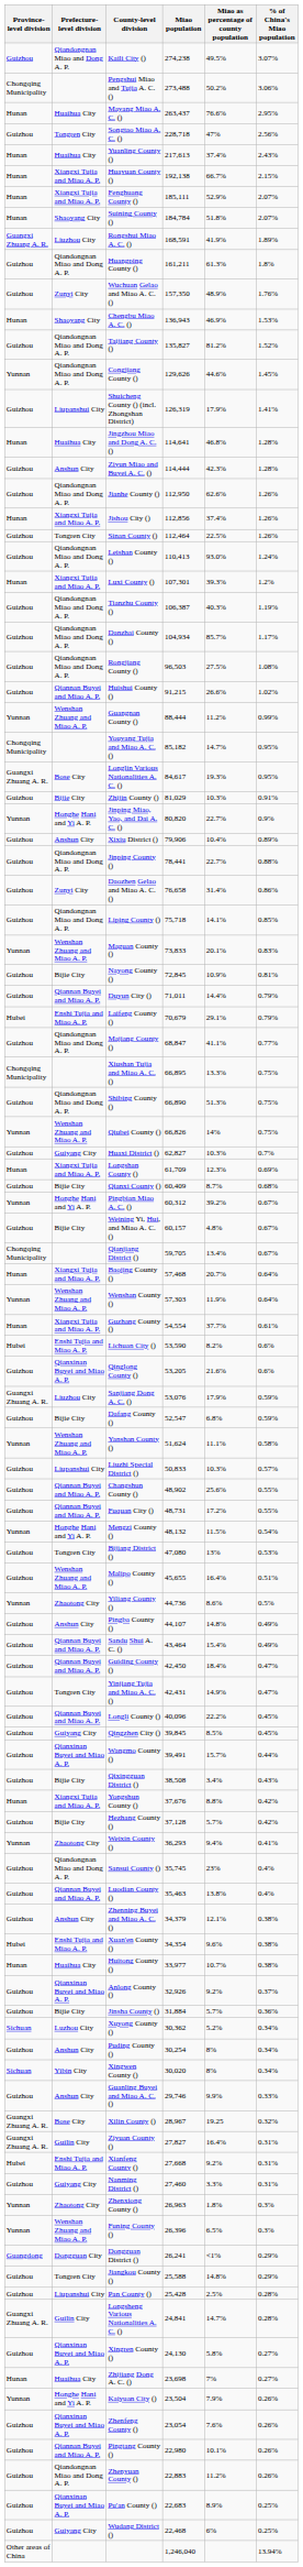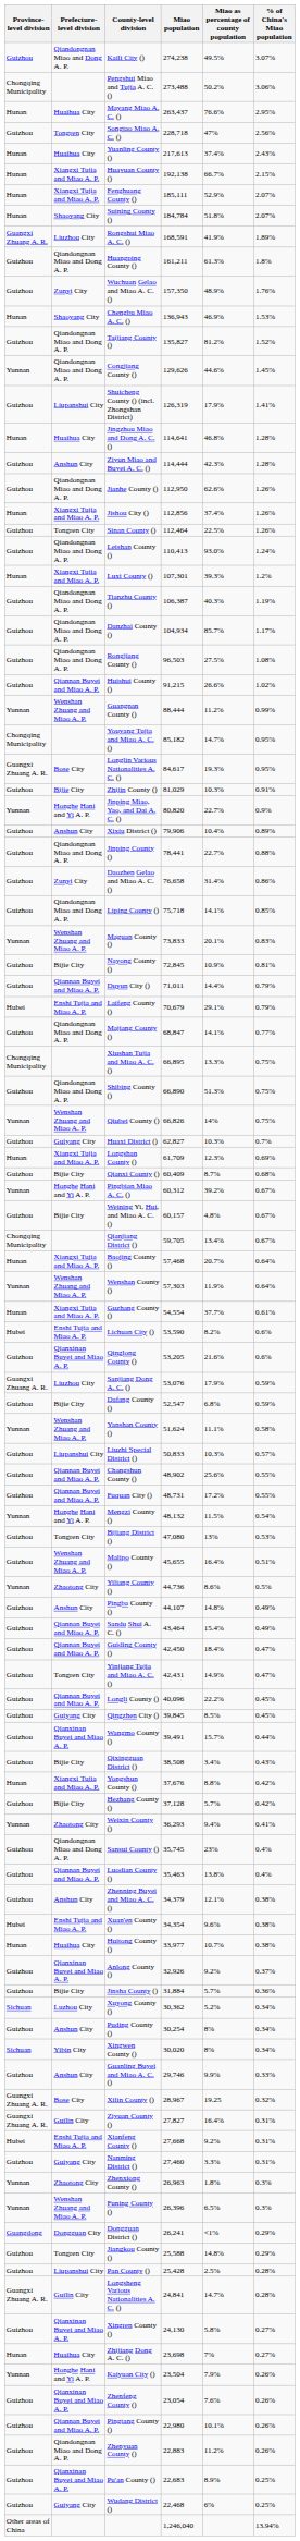 <table class="wikitable sortable">
 <tr>
 <th>Province-level division</th>
 <th>Prefecture-level division</th>
 <th>County-level division</th>
 <th>Miao population</th>
 <th>Miao as percentage of county population</th>
 <th>% of China's<br>Miao population</th>
 </tr>
 <tr>
 <td><a href='#'>Guizhou</a></td>
 <td><a href='#'>Qiandongnan</a> Miao and <a href='#'>Dong</a> A. P.</td>
 <td><a href='#'>Kaili City</a> ()</td>
 <td>274,238</td>
 <td>49.5%</td>
 <td>3.07%</td>
 </tr>
 <tr>
 <td>Chongqing Municipality</td>
 <td></td>
 <td><a href='#'>Pengshui</a> Miao and <a href='#'>Tujia</a> A. C. ()</td>
 <td>273,488</td>
 <td>50.2%</td>
 <td>3.06%</td>
 </tr>
 <tr>
 <td>Hunan</td>
 <td><a href='#'>Huaihua</a> City</td>
 <td><a href='#'>Mayang Miao A. C.</a> ()</td>
 <td>263,437</td>
 <td>76.6%</td>
 <td>2.95%</td>
 </tr>
 <tr>
 <td>Guizhou</td>
 <td><a href='#'>Tongren</a> City</td>
 <td><a href='#'>Songtao Miao A. C.</a> ()</td>
 <td>228,718</td>
 <td>47%</td>
 <td>2.56%</td>
 </tr>
 <tr>
 <td>Hunan</td>
 <td><a href='#'>Huaihua</a> City</td>
 <td><a href='#'>Yuanling County</a> ()</td>
 <td>217,613</td>
 <td>37.4%</td>
 <td>2.43%</td>
 </tr>
 <tr>
 <td>Hunan</td>
 <td><a href='#'>Xiangxi Tujia and Miao A. P.</a></td>
 <td><a href='#'>Huayuan County</a> ()</td>
 <td>192,138</td>
 <td>66.7%</td>
 <td>2.15%</td>
 </tr>
 <tr>
 <td>Hunan</td>
 <td><a href='#'>Xiangxi Tujia and Miao A. P.</a></td>
 <td><a href='#'>Fenghuang County</a> ()</td>
 <td>185,111</td>
 <td>52.9%</td>
 <td>2.07%</td>
 </tr>
 <tr>
 <td>Hunan</td>
 <td><a href='#'>Shaoyang</a> City</td>
 <td><a href='#'>Suining County</a> ()</td>
 <td>184,784</td>
 <td>51.8%</td>
 <td>2.07%</td>
 </tr>
 <tr>
 <td><a href='#'>Guangxi Zhuang A. R.</a></td>
 <td><a href='#'>Liuzhou</a> City</td>
 <td><a href='#'>Rongshui Miao A. C.</a> ()</td>
 <td>168,591</td>
 <td>41.9%</td>
 <td>1.89%</td>
 </tr>
 <tr>
 <td>Guizhou</td>
 <td>Qiandongnan Miao and Dong A. P.</td>
 <td><a href='#'>Huangping</a> County ()</td>
 <td>161,211</td>
 <td>61.3%</td>
 <td>1.8%</td>
 </tr>
 <tr>
 <td>Guizhou</td>
 <td><a href='#'>Zunyi</a> City</td>
 <td><a href='#'>Wuchuan</a> <a href='#'>Gelao</a> and Miao A. C. ()</td>
 <td>157,350</td>
 <td>48.9%</td>
 <td>1.76%</td>
 </tr>
 <tr>
 <td>Hunan</td>
 <td><a href='#'>Shaoyang</a> City</td>
 <td><a href='#'>Chengbu Miao A. C.</a> ()</td>
 <td>136,943</td>
 <td>46.9%</td>
 <td>1.53%</td>
 </tr>
 <tr>
 <td>Guizhou</td>
 <td>Qiandongnan Miao and Dong A. P.</td>
 <td><a href='#'>Taijiang County</a> ()</td>
 <td>135,827</td>
 <td>81.2%</td>
 <td>1.52%</td>
 </tr>
 <tr>
 <td>Yunnan</td>
 <td>Qiandongnan Miao and Dong A. P.</td>
 <td><a href='#'>Congjiang</a> County ()</td>
 <td>129,626</td>
 <td>44.6%</td>
 <td>1.45%</td>
 </tr>
 <tr>
 <td>Guizhou</td>
 <td><a href='#'>Liupanshui</a> City</td>
 <td><a href='#'>Shuicheng</a> County () (incl. Zhongshan District)</td>
 <td>126,319</td>
 <td>17.9%</td>
 <td>1.41%</td>
 </tr>
 <tr>
 <td>Hunan</td>
 <td><a href='#'>Huaihua</a> City</td>
 <td><a href='#'>Jingzhou Miao and Dong A. C.</a> ()</td>
 <td>114,641</td>
 <td>46.8%</td>
 <td>1.28%</td>
 </tr>
 <tr>
 <td>Guizhou</td>
 <td><a href='#'>Anshun</a> City</td>
 <td><a href='#'>Ziyun Miao and Buyei A. C.</a> ()</td>
 <td>114,444</td>
 <td>42.3%</td>
 <td>1.28%</td>
 </tr>
 <tr>
 <td>Guizhou</td>
 <td>Qiandongnan Miao and Dong A. P.</td>
 <td><a href='#'>Jianhe</a> County ()</td>
 <td>112,950</td>
 <td>62.6%</td>
 <td>1.26%</td>
 </tr>
 <tr>
 <td>Hunan</td>
 <td><a href='#'>Xiangxi Tujia and Miao A. P.</a></td>
 <td><a href='#'>Jishou</a> City ()</td>
 <td>112,856</td>
 <td>37.4%</td>
 <td>1.26%</td>
 </tr>
 <tr>
 <td>Guizhou</td>
 <td>Tongren City</td>
 <td><a href='#'>Sinan County</a> ()</td>
 <td>112,464</td>
 <td>22.5%</td>
 <td>1.26%</td>
 </tr>
 <tr>
 <td>Guizhou</td>
 <td>Qiandongnan Miao and Dong A. P.</td>
 <td><a href='#'>Leishan</a> County ()</td>
 <td>110,413</td>
 <td>93.0%</td>
 <td>1.24%</td>
 </tr>
 <tr>
 <td>Hunan</td>
 <td><a href='#'>Xiangxi Tujia and Miao A. P.</a></td>
 <td><a href='#'>Luxi County</a> ()</td>
 <td>107,301</td>
 <td>39.3%</td>
 <td>1.2%</td>
 </tr>
 <tr>
 <td>Guizhou</td>
 <td>Qiandongnan Miao and Dong A. P.</td>
 <td><a href='#'>Tianzhu County</a> ()</td>
 <td>106,387</td>
 <td>40.3%</td>
 <td>1.19%</td>
 </tr>
 <tr>
 <td>Guizhou</td>
 <td>Qiandongnan Miao and Dong A. P.</td>
 <td><a href='#'>Danzhai</a> County ()</td>
 <td>104,934</td>
 <td>85.7%</td>
 <td>1.17%</td>
 </tr>
 <tr>
 <td>Guizhou</td>
 <td>Qiandongnan Miao and Dong A. P.</td>
 <td><a href='#'>Rongjiang</a> County ()</td>
 <td>96,503</td>
 <td>27.5%</td>
 <td>1.08%</td>
 </tr>
 <tr>
 <td>Guizhou</td>
 <td><a href='#'>Qiannan Buyei and Miao A. P.</a></td>
 <td><a href='#'>Huishui</a> County ()</td>
 <td>91,215</td>
 <td>26.6%</td>
 <td>1.02%</td>
 </tr>
 <tr>
 <td>Yunnan</td>
 <td><a href='#'>Wenshan Zhuang and Miao A. P.</a></td>
 <td><a href='#'>Guangnan</a> County ()</td>
 <td>88,444</td>
 <td>11.2%</td>
 <td>0.99%</td>
 </tr>
 <tr>
 <td>Chongqing Municipality</td>
 <td></td>
 <td><a href='#'>Youyang Tujia and Miao A. C.</a> ()</td>
 <td>85,182</td>
 <td>14.7%</td>
 <td>0.95%</td>
 </tr>
 <tr>
 <td>Guangxi Zhuang A. R.</td>
 <td><a href='#'>Bose</a> City</td>
 <td><a href='#'>Longlin Various Nationalities A. C.</a> ()</td>
 <td>84,617</td>
 <td>19.3%</td>
 <td>0.95%</td>
 </tr>
 <tr>
 <td>Guizhou</td>
 <td><a href='#'>Bijie</a> City</td>
 <td><a href='#'>Zhijin</a> County ()</td>
 <td>81,029</td>
 <td>10.3%</td>
 <td>0.91%</td>
 </tr>
 <tr>
 <td>Yunnan</td>
 <td><a href='#'>Honghe</a> <a href='#'>Hani</a> and <a href='#'>Yi</a> A. P.</td>
 <td><a href='#'>Jinping Miao, Yao, and Dai A. C.</a> ()</td>
 <td>80,820</td>
 <td>22.7%</td>
 <td>0.9%</td>
 </tr>
 <tr>
 <td>Guizhou</td>
 <td><a href='#'>Anshun</a> City</td>
 <td><a href='#'>Xixiu</a> District ()</td>
 <td>79,906</td>
 <td>10.4%</td>
 <td>0.89%</td>
 </tr>
 <tr>
 <td>Guizhou</td>
 <td>Qiandongnan Miao and Dong A. P.</td>
 <td><a href='#'>Jinping County</a> ()</td>
 <td>78,441</td>
 <td>22.7%</td>
 <td>0.88%</td>
 </tr>
 <tr>
 <td>Guizhou</td>
 <td><a href='#'>Zunyi</a> City</td>
 <td><a href='#'>Daozhen</a> <a href='#'>Gelao</a> and Miao A. C. ()</td>
 <td>76,658</td>
 <td>31.4%</td>
 <td>0.86%</td>
 </tr>
 <tr>
 <td>Guizhou</td>
 <td>Qiandongnan Miao and Dong A. P.</td>
 <td><a href='#'>Liping County</a> ()</td>
 <td>75,718</td>
 <td>14.1%</td>
 <td>0.85%</td>
 </tr>
 <tr>
 <td>Yunnan</td>
 <td><a href='#'>Wenshan Zhuang and Miao A. P.</a></td>
 <td><a href='#'>Maguan</a> County ()</td>
 <td>73,833</td>
 <td>20.1%</td>
 <td>0.83%</td>
 </tr>
 <tr>
 <td>Guizhou</td>
 <td>Bijie City</td>
 <td><a href='#'>Nayong</a> County ()</td>
 <td>72,845</td>
 <td>10.9%</td>
 <td>0.81%</td>
 </tr>
 <tr>
 <td>Guizhou</td>
 <td><a href='#'>Qiannan Buyei and Miao A. P.</a></td>
 <td><a href='#'>Duyun</a> City ()</td>
 <td>71,011</td>
 <td>14.4%</td>
 <td>0.79%</td>
 </tr>
 <tr>
 <td>Hubei</td>
 <td><a href='#'>Enshi Tujia and Miao A. P.</a></td>
 <td><a href='#'>Laifeng</a> County ()</td>
 <td>70,679</td>
 <td>29.1%</td>
 <td>0.79%</td>
 </tr>
 <tr>
 <td>Guizhou</td>
 <td>Qiandongnan Miao and Dong A. P.</td>
 <td><a href='#'>Majiang County</a> ()</td>
 <td>68,847</td>
-<td>41.1%</td>
+<td>14.1%</td>
 <td>0.77%</td>
 </tr>
 <tr>
 <td>Chongqing Municipality</td>
 <td></td>
 <td><a href='#'>Xiushan Tujia and Miao A. C.</a> ()</td>
 <td>66,895</td>
 <td>13.3%</td>
 <td>0.75%</td>
 </tr>
 <tr>
 <td>Guizhou</td>
 <td>Qiandongnan Miao and Dong A. P.</td>
 <td><a href='#'>Shibing</a> County ()</td>
 <td>66,890</td>
 <td>51.3%</td>
 <td>0.75%</td>
 </tr>
 <tr>
 <td>Yunnan</td>
 <td><a href='#'>Wenshan Zhuang and Miao A. P.</a></td>
 <td><a href='#'>Qiubei</a> County ()</td>
 <td>66,826</td>
 <td>14%</td>
 <td>0.75%</td>
 </tr>
 <tr>
 <td>Guizhou</td>
 <td><a href='#'>Guiyang</a> City</td>
 <td><a href='#'>Huaxi District</a> ()</td>
 <td>62,827</td>
 <td>10.3%</td>
 <td>0.7%</td>
 </tr>
 <tr>
 <td>Hunan</td>
 <td><a href='#'>Xiangxi Tujia and Miao A. P.</a></td>
 <td><a href='#'>Longshan County</a> ()</td>
 <td>61,709</td>
 <td>12.3%</td>
 <td>0.69%</td>
 </tr>
 <tr>
 <td>Guizhou</td>
 <td>Bijie City</td>
 <td><a href='#'>Qianxi County</a> ()</td>
 <td>60,409</td>
 <td>8.7%</td>
 <td>0.68%</td>
 </tr>
 <tr>
 <td>Yunnan</td>
 <td><a href='#'>Honghe</a> <a href='#'>Hani</a> and <a href='#'>Yi</a> A. P.</td>
 <td><a href='#'>Pingbian Miao A. C.</a> ()</td>
 <td>60,312</td>
 <td>39.2%</td>
 <td>0.67%</td>
 </tr>
 <tr>
 <td>Guizhou</td>
 <td>Bijie City</td>
 <td><a href='#'>Weining</a> Yi, <a href='#'>Hui</a>, and Miao A. C. ()</td>
 <td>60,157</td>
 <td>4.8%</td>
 <td>0.67%</td>
 </tr>
 <tr>
 <td>Chongqing Municipality</td>
 <td></td>
 <td><a href='#'>Qianjiang District</a> ()</td>
 <td>59,705</td>
 <td>13.4%</td>
 <td>0.67%</td>
 </tr>
 <tr>
 <td>Hunan</td>
 <td><a href='#'>Xiangxi Tujia and Miao A. P.</a></td>
 <td><a href='#'>Baojing</a> County ()</td>
 <td>57,468</td>
 <td>20.7%</td>
 <td>0.64%</td>
 </tr>
 <tr>
 <td>Yunnan</td>
 <td><a href='#'>Wenshan Zhuang and Miao A. P.</a></td>
 <td><a href='#'>Wenshan</a> County ()</td>
 <td>57,303</td>
 <td>11.9%</td>
 <td>0.64%</td>
 </tr>
 <tr>
 <td>Hunan</td>
 <td><a href='#'>Xiangxi Tujia and Miao A. P.</a></td>
 <td><a href='#'>Guzhang</a> County ()</td>
 <td>54,554</td>
 <td>37.7%</td>
 <td>0.61%</td>
 </tr>
 <tr>
 <td>Hubei</td>
 <td><a href='#'>Enshi Tujia and Miao A. P.</a></td>
 <td><a href='#'>Lichuan City</a> ()</td>
 <td>53,590</td>
 <td>8.2%</td>
 <td>0.6%</td>
 </tr>
 <tr>
 <td>Guizhou</td>
 <td><a href='#'>Qianxinan Buyei and Miao A. P.</a></td>
 <td><a href='#'>Qinglong County</a> ()</td>
 <td>53,205</td>
 <td>21.6%</td>
 <td>0.6%</td>
 </tr>
 <tr>
 <td>Guangxi Zhuang A. R.</td>
 <td><a href='#'>Liuzhou</a> City</td>
 <td><a href='#'>Sanjiang Dong A. C.</a> ()</td>
 <td>53,076</td>
 <td>17.9%</td>
 <td>0.59%</td>
 </tr>
 <tr>
 <td>Guizhou</td>
 <td>Bijie City</td>
 <td><a href='#'>Dafang</a> County ()</td>
 <td>52,547</td>
 <td>6.8%</td>
 <td>0.59%</td>
 </tr>
 <tr>
 <td>Yunnan</td>
 <td><a href='#'>Wenshan Zhuang and Miao A. P.</a></td>
 <td><a href='#'>Yanshan County</a> ()</td>
 <td>51,624</td>
 <td>11.1%</td>
 <td>0.58%</td>
 </tr>
 <tr>
 <td>Guizhou</td>
 <td><a href='#'>Liupanshui</a> City</td>
 <td><a href='#'>Liuzhi Special District</a> ()</td>
 <td>50,833</td>
 <td>10.3%</td>
 <td>0.57%</td>
 </tr>
 <tr>
 <td>Guizhou</td>
 <td><a href='#'>Qiannan Buyei and Miao A. P.</a></td>
 <td><a href='#'>Changshun</a> County ()</td>
 <td>48,902</td>
 <td>25.6%</td>
 <td>0.55%</td>
 </tr>
 <tr>
 <td>Guizhou</td>
 <td><a href='#'>Qiannan Buyei and Miao A. P.</a></td>
 <td><a href='#'>Fuquan</a> City ()</td>
 <td>48,731</td>
 <td>17.2%</td>
 <td>0.55%</td>
 </tr>
 <tr>
 <td>Yunnan</td>
 <td><a href='#'>Honghe</a> <a href='#'>Hani</a> and <a href='#'>Yi</a> A. P.</td>
 <td><a href='#'>Mengzi</a> County ()</td>
 <td>48,132</td>
 <td>11.5%</td>
 <td>0.54%</td>
 </tr>
 <tr>
 <td>Guizhou</td>
 <td>Tongren City</td>
 <td><a href='#'>Bijiang District</a> ()</td>
 <td>47,080</td>
 <td>13%</td>
 <td>0.53%</td>
 </tr>
 <tr>
 <td>Guizhou</td>
 <td><a href='#'>Wenshan Zhuang and Miao A. P.</a></td>
 <td><a href='#'>Malipo</a> County ()</td>
 <td>45,655</td>
 <td>16.4%</td>
 <td>0.51%</td>
 </tr>
 <tr>
 <td>Yunnan</td>
 <td><a href='#'>Zhaotong</a> City</td>
 <td><a href='#'>Yiliang County</a> ()</td>
 <td>44,736</td>
 <td>8.6%</td>
 <td>0.5%</td>
 </tr>
 <tr>
 <td>Guizhou</td>
 <td><a href='#'>Anshun</a> City</td>
 <td><a href='#'>Pingba</a> County ()</td>
 <td>44,107</td>
 <td>14.8%</td>
 <td>0.49%</td>
 </tr>
 <tr>
 <td>Guizhou</td>
 <td><a href='#'>Qiannan Buyei and Miao A. P.</a></td>
 <td><a href='#'>Sandu</a> <a href='#'>Shui</a> A. C. ()</td>
 <td>43,464</td>
 <td>15.4%</td>
 <td>0.49%</td>
 </tr>
 <tr>
 <td>Guizhou</td>
 <td><a href='#'>Qiannan Buyei and Miao A. P.</a></td>
 <td><a href='#'>Guiding County</a> ()</td>
 <td>42,450</td>
 <td>18.4%</td>
 <td>0.47%</td>
 </tr>
 <tr>
 <td>Guizhou</td>
 <td>Tongren City</td>
 <td><a href='#'>Yinjiang Tujia and Miao A. C.</a> ()</td>
 <td>42,431</td>
 <td>14.9%</td>
 <td>0.47%</td>
 </tr>
 <tr>
 <td>Guizhou</td>
 <td><a href='#'>Qiannan Buyei and Miao A. P.</a></td>
 <td><a href='#'>Longli</a> County ()</td>
 <td>40,096</td>
 <td>22.2%</td>
 <td>0.45%</td>
 </tr>
 <tr>
 <td>Guizhou</td>
 <td><a href='#'>Guiyang</a> City</td>
 <td><a href='#'>Qingzhen</a> City ()</td>
 <td>39,845</td>
 <td>8.5%</td>
 <td>0.45%</td>
 </tr>
 <tr>
 <td>Guizhou</td>
 <td><a href='#'>Qianxinan Buyei and Miao A. P.</a></td>
 <td><a href='#'>Wangmo</a> County ()</td>
 <td>39,491</td>
 <td>15.7%</td>
 <td>0.44%</td>
 </tr>
 <tr>
 <td>Guizhou</td>
 <td>Bijie City</td>
 <td><a href='#'>Qixingguan District</a> ()</td>
 <td>38,508</td>
 <td>3.4%</td>
 <td>0.43%</td>
 </tr>
 <tr>
 <td>Hunan</td>
 <td><a href='#'>Xiangxi Tujia and Miao A. P.</a></td>
 <td><a href='#'>Yongshun</a> County ()</td>
 <td>37,676</td>
 <td>8.8%</td>
 <td>0.42%</td>
 </tr>
 <tr>
 <td>Guizhou</td>
 <td>Bijie City</td>
 <td><a href='#'>Hezhang</a> County ()</td>
 <td>37,128</td>
 <td>5.7%</td>
 <td>0.42%</td>
 </tr>
 <tr>
 <td>Yunnan</td>
 <td><a href='#'>Zhaotong</a> City</td>
 <td><a href='#'>Weixin County</a> ()</td>
 <td>36,293</td>
 <td>9.4%</td>
 <td>0.41%</td>
 </tr>
 <tr>
 <td>Guizhou</td>
 <td>Qiandongnan Miao and Dong A. P.</td>
 <td><a href='#'>Sansui County</a> ()</td>
 <td>35,745</td>
 <td>23%</td>
 <td>0.4%</td>
 </tr>
 <tr>
 <td>Guizhou</td>
 <td><a href='#'>Qiannan Buyei and Miao A. P.</a></td>
 <td><a href='#'>Luodian County</a> ()</td>
 <td>35,463</td>
 <td>13.8%</td>
 <td>0.4%</td>
 </tr>
 <tr>
 <td>Guizhou</td>
 <td><a href='#'>Anshun</a> City</td>
 <td><a href='#'>Zhenning Buyei and Miao A. C.</a> ()</td>
 <td>34,379</td>
 <td>12.1%</td>
 <td>0.38%</td>
 </tr>
 <tr>
 <td>Hubei</td>
 <td><a href='#'>Enshi Tujia and Miao A. P.</a></td>
 <td><a href='#'>Xuan'en</a> County ()</td>
 <td>34,354</td>
 <td>9.6%</td>
 <td>0.38%</td>
 </tr>
 <tr>
 <td>Hunan</td>
 <td><a href='#'>Huaihua</a> City</td>
 <td><a href='#'>Huitong</a> County ()</td>
 <td>33,977</td>
 <td>10.7%</td>
 <td>0.38%</td>
 </tr>
 <tr>
 <td>Guizhou</td>
 <td><a href='#'>Qianxinan Buyei and Miao A. P.</a></td>
 <td><a href='#'>Anlong</a> County ()</td>
 <td>32,926</td>
 <td>9.2%</td>
 <td>0.37%</td>
 </tr>
 <tr>
 <td>Guizhou</td>
 <td>Bijie City</td>
 <td><a href='#'>Jinsha County</a> ()</td>
 <td>31,884</td>
 <td>5.7%</td>
 <td>0.36%</td>
 </tr>
 <tr>
 <td><a href='#'>Sichuan</a></td>
 <td><a href='#'>Luzhou</a> City</td>
 <td><a href='#'>Xuyong</a> County ()</td>
 <td>30,362</td>
 <td>5.2%</td>
 <td>0.34%</td>
 </tr>
 <tr>
 <td>Guizhou</td>
 <td><a href='#'>Anshun</a> City</td>
 <td><a href='#'>Puding</a> County ()</td>
 <td>30,254</td>
 <td>8%</td>
 <td>0.34%</td>
 </tr>
 <tr>
 <td><a href='#'>Sichuan</a></td>
 <td><a href='#'>Yibin</a> City</td>
 <td><a href='#'>Xingwen</a> County ()</td>
 <td>30,020</td>
 <td>8%</td>
 <td>0.34%</td>
 </tr>
 <tr>
 <td>Guizhou</td>
 <td><a href='#'>Anshun</a> City</td>
 <td><a href='#'>Guanling Buyei and Miao A. C.</a> ()</td>
 <td>29,746</td>
 <td>9.9%</td>
 <td>0.33%</td>
 </tr>
 <tr>
 <td>Guangxi Zhuang A. R.</td>
 <td><a href='#'>Bose</a> City</td>
 <td><a href='#'>Xilin County</a> ()</td>
 <td>28,967</td>
 <td>19.25</td>
 <td>0.32%</td>
 </tr>
 <tr>
 <td>Guangxi Zhuang A. R.</td>
 <td><a href='#'>Guilin</a> City</td>
 <td><a href='#'>Ziyuan County</a> ()</td>
 <td>27,827</td>
 <td>16.4%</td>
 <td>0.31%</td>
 </tr>
 <tr>
 <td>Hubei</td>
 <td><a href='#'>Enshi Tujia and Miao A. P.</a></td>
 <td><a href='#'>Xianfeng County</a> ()</td>
 <td>27,668</td>
 <td>9.2%</td>
 <td>0.31%</td>
 </tr>
 <tr>
 <td>Guizhou</td>
 <td><a href='#'>Guiyang</a> City</td>
 <td><a href='#'>Nanming District</a> ()</td>
 <td>27,460</td>
 <td>3.3%</td>
 <td>0.31%</td>
 </tr>
 <tr>
 <td>Yunnan</td>
 <td><a href='#'>Zhaotong</a> City</td>
 <td><a href='#'>Zhenxiong</a> County ()</td>
 <td>26,963</td>
 <td>1.8%</td>
 <td>0.3%</td>
 </tr>
 <tr>
 <td>Yunnan</td>
 <td><a href='#'>Wenshan Zhuang and Miao A. P.</a></td>
 <td><a href='#'>Funing County</a> ()</td>
 <td>26,396</td>
 <td>6.5%</td>
 <td>0.3%</td>
 </tr>
 <tr>
 <td><a href='#'>Guangdong</a></td>
 <td><a href='#'>Dongguan</a> City</td>
 <td><a href='#'>Dongguan</a> District ()</td>
 <td>26,241</td>
 <td><1%</td>
 <td>0.29%</td>
 </tr>
 <tr>
 <td>Guizhou</td>
 <td>Tongren City</td>
 <td><a href='#'>Jiangkou</a> County ()</td>
 <td>25,588</td>
 <td>14.8%</td>
 <td>0.29%</td>
 </tr>
 <tr>
 <td>Guizhou</td>
 <td><a href='#'>Liupanshui</a> City</td>
 <td><a href='#'>Pan County</a> ()</td>
 <td>25,428</td>
 <td>2.5%</td>
 <td>0.28%</td>
 </tr>
 <tr>
 <td>Guangxi Zhuang A. R.</td>
 <td><a href='#'>Guilin</a> City</td>
 <td><a href='#'>Longsheng Various Nationalities A. C.</a> ()</td>
 <td>24,841</td>
 <td>14.7%</td>
 <td>0.28%</td>
 </tr>
 <tr>
 <td>Guizhou</td>
 <td><a href='#'>Qianxinan Buyei and Miao A. P.</a></td>
 <td><a href='#'>Xingren</a> County ()</td>
 <td>24,130</td>
 <td>5.8%</td>
 <td>0.27%</td>
 </tr>
 <tr>
 <td>Hunan</td>
 <td><a href='#'>Huaihua</a> City</td>
 <td><a href='#'>Zhijiang</a> <a href='#'>Dong</a> A. C. ()</td>
 <td>23,698</td>
 <td>7%</td>
 <td>0.27%</td>
 </tr>
 <tr>
 <td>Yunnan</td>
 <td><a href='#'>Honghe</a> <a href='#'>Hani</a> and <a href='#'>Yi</a> A. P.</td>
 <td><a href='#'>Kaiyuan City</a> ()</td>
 <td>23,504</td>
 <td>7.9%</td>
 <td>0.26%</td>
 </tr>
 <tr>
 <td>Guizhou</td>
 <td><a href='#'>Qianxinan Buyei and Miao A. P.</a></td>
 <td><a href='#'>Zhenfeng County</a> ()</td>
 <td>23,054</td>
 <td>7.6%</td>
 <td>0.26%</td>
 </tr>
 <tr>
 <td>Guizhou</td>
 <td><a href='#'>Qiannan Buyei and Miao A. P.</a></td>
 <td><a href='#'>Pingtang</a> County ()</td>
 <td>22,980</td>
 <td>10.1%</td>
 <td>0.26%</td>
 </tr>
 <tr>
 <td>Guizhou</td>
 <td>Qiandongnan Miao and Dong A. P.</td>
 <td><a href='#'>Zhenyuan County</a> ()</td>
 <td>22,883</td>
 <td>11.2%</td>
 <td>0.26%</td>
 </tr>
 <tr>
 <td>Guizhou</td>
 <td><a href='#'>Qianxinan Buyei and Miao A. P.</a></td>
 <td><a href='#'>Pu'an</a> County ()</td>
 <td>22,683</td>
 <td>8.9%</td>
 <td>0.25%</td>
 </tr>
 <tr>
 <td>Guizhou</td>
 <td><a href='#'>Guiyang</a> City</td>
 <td><a href='#'>Wudang District</a> ()</td>
 <td>22,468</td>
 <td>6%</td>
 <td>0.25%</td>
 </tr>
 <tr>
 <td>Other areas of China</td>
 <td></td>
 <td></td>
 <td>1,246,040</td>
 <td></td>
 <td>13.94%</td>
 </tr>
 </table>
